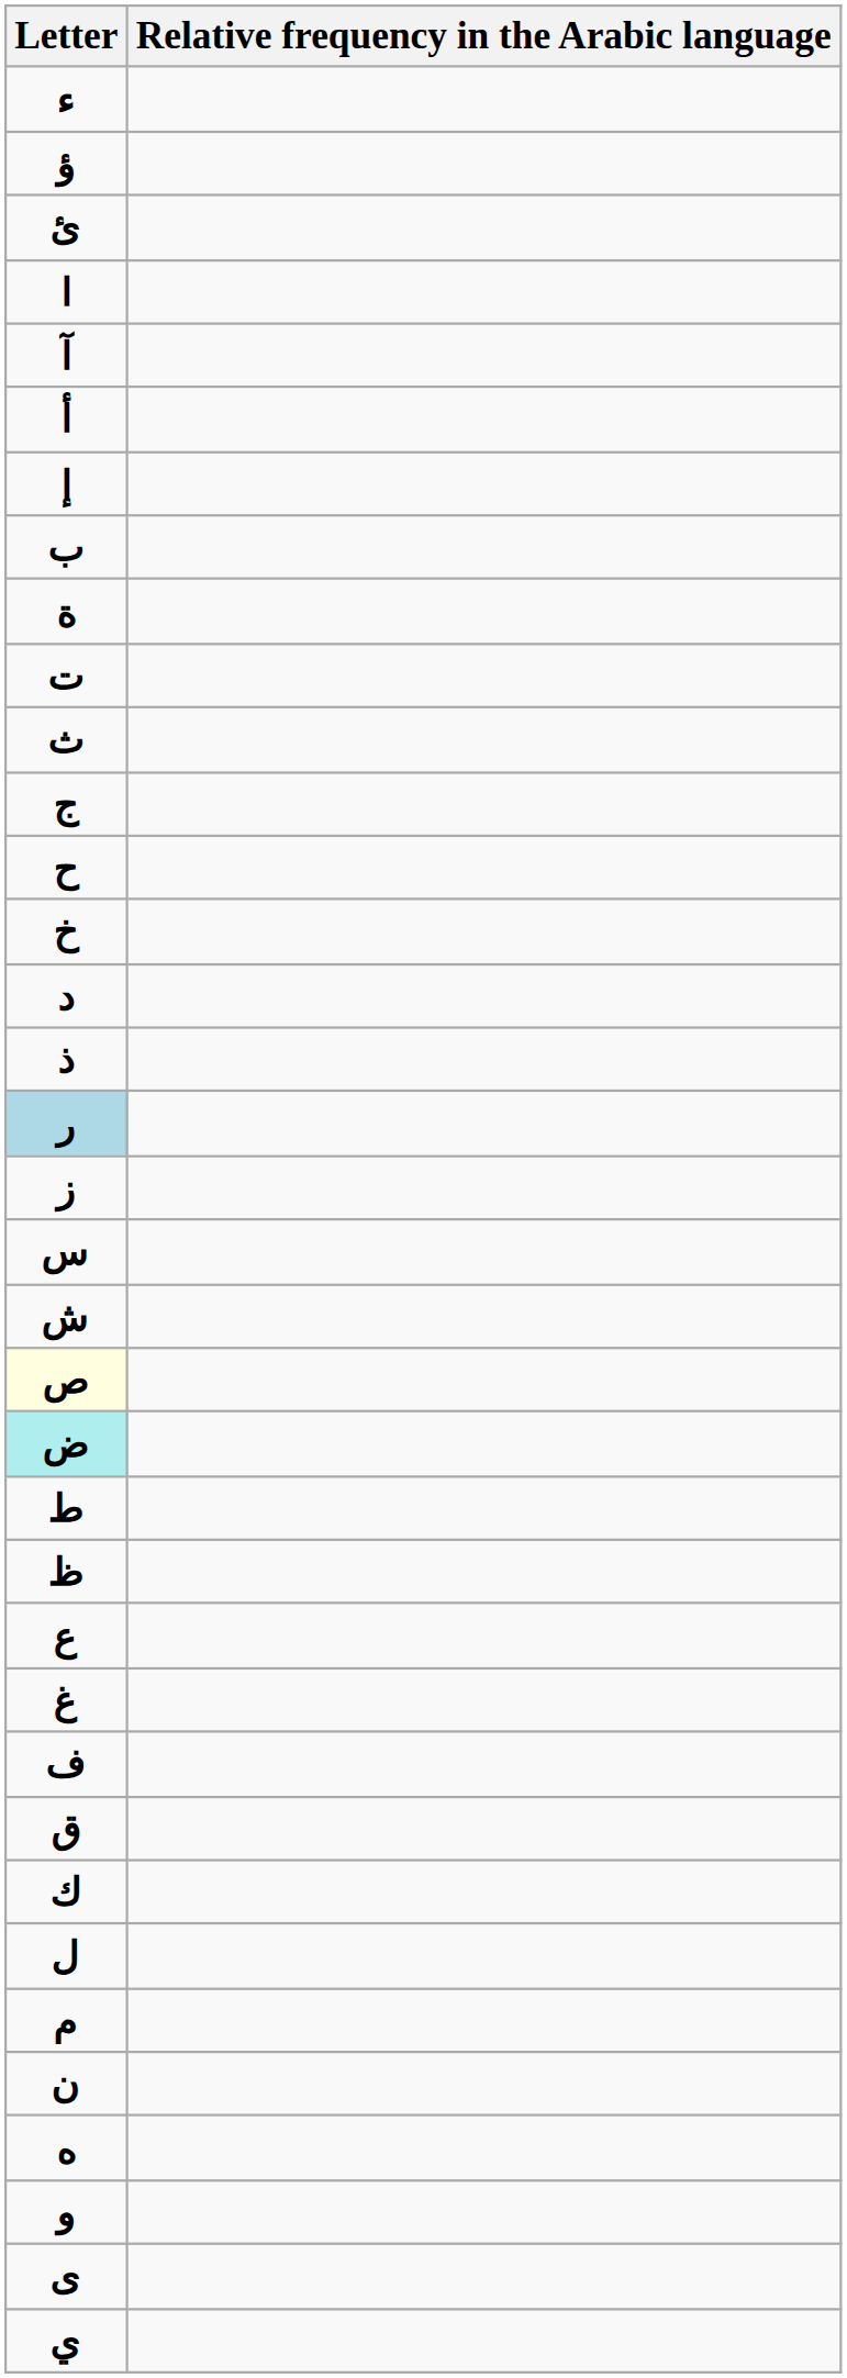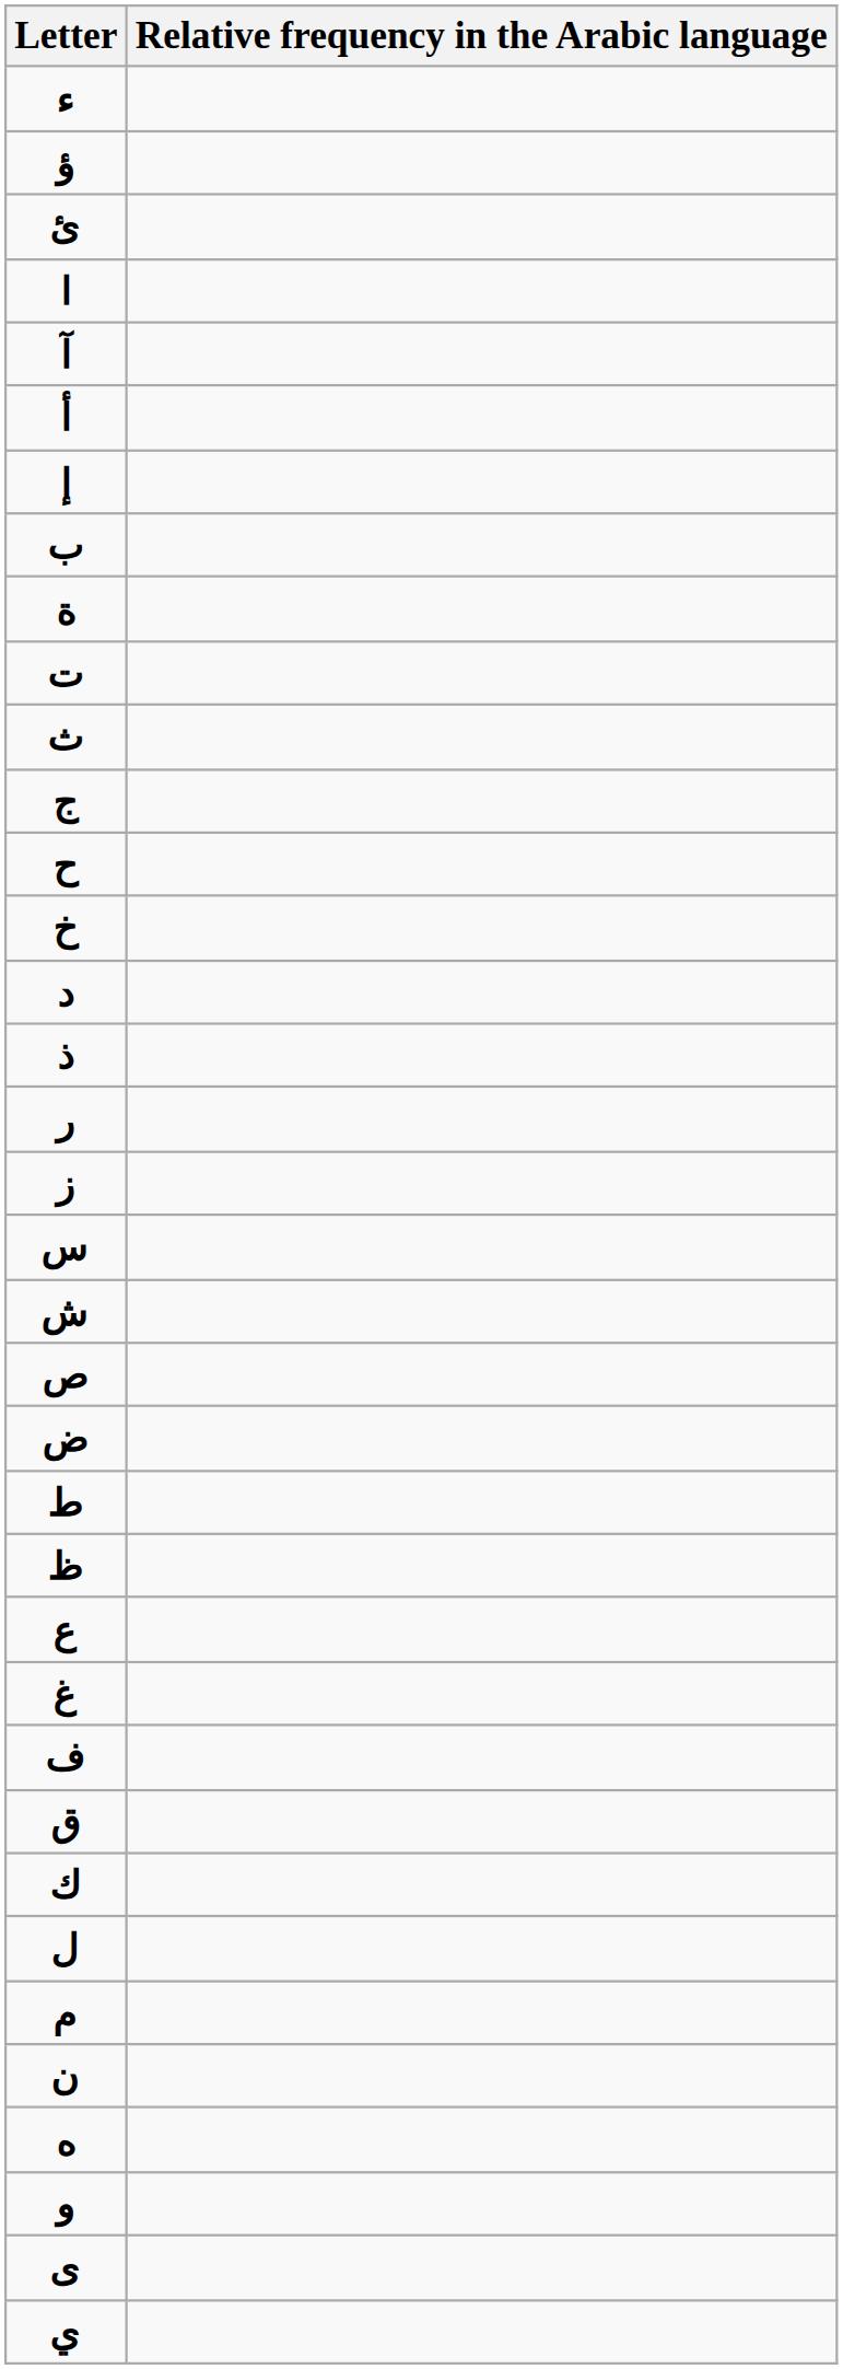 <table class="wikitable sortable">
 <tr>
 <th>Letter</th>
 <th colspan="2">Relative frequency in the Arabic language</th>
 </tr>
 <tr>
 <td align="center"><strong>ء</strong></td>
 <td align="right"></td>
 </tr>
 <tr>
 <td align="center"><strong>ؤ</strong></td>
 <td align="right"></td>
 </tr>
 <tr>
 <td align="center"><strong>ئ</strong></td>
 <td align="right"></td>
 </tr>
 <tr>
 <td align="center"><strong>ا</strong></td>
 <td align="right"></td>
 </tr>
 <tr>
 <td align="center"><strong>آ</strong></td>
 <td align="right"></td>
 </tr>
 <tr>
 <td align="center"><strong>أ</strong></td>
 <td align="right"></td>
 </tr>
 <tr>
 <td align="center"><strong>إ</strong></td>
 <td align="right"></td>
 </tr>
 <tr>
 <td align="center"><strong>ب</strong></td>
 <td align="right"></td>
 </tr>
 <tr>
 <td align="center"><strong>ة</strong></td>
 <td align="right"></td>
 </tr>
 <tr>
 <td align="center"><strong>ت</strong></td>
 <td align="right"></td>
 </tr>
 <tr>
 <td align="center"><strong>ث</strong></td>
 <td align="right"></td>
 </tr>
 <tr>
 <td align="center"><strong>ج</strong></td>
 <td align="right"></td>
 </tr>
 <tr>
 <td align="center"><strong>ح</strong></td>
 <td align="right"></td>
 </tr>
 <tr>
 <td align="center"><strong>خ</strong></td>
 <td align="right"></td>
 </tr>
 <tr>
 <td align="center"><strong>د</strong></td>
 <td align="right"></td>
 </tr>
 <tr>
 <td align="center"><strong>ذ</strong></td>
 <td align="right"></td>
 </tr>
 <tr>
-<td align="center" style="background: lightblue;"><strong>ر</strong></td>
+<td align="center"><strong>ر</strong></td>
 <td align="right"></td>
 </tr>
 <tr>
 <td align="center"><strong>ز</strong></td>
 <td align="right"></td>
 </tr>
 <tr>
 <td align="center"><strong>س</strong></td>
 <td align="right"></td>
 </tr>
 <tr>
 <td align="center"><strong>ش</strong></td>
 <td align="right"></td>
 </tr>
 <tr>
-<td align="center" style="background: lightyellow;"><strong>ص</strong></td>
+<td align="center"><strong>ص</strong></td>
 <td align="right"></td>
 </tr>
 <tr>
-<td align="center" style="background: paleturquoise;"><strong>ض</strong></td>
+<td align="center"><strong>ض</strong></td>
 <td align="right"></td>
 </tr>
 <tr>
 <td align="center"><strong>ط</strong></td>
 <td align="right"></td>
 </tr>
 <tr>
 <td align="center"><strong>ظ</strong></td>
 <td align="right"></td>
 </tr>
 <tr>
 <td align="center"><strong>ع</strong></td>
 <td align="right"></td>
 </tr>
 <tr>
 <td align="center"><strong>غ</strong></td>
 <td align="right"></td>
 </tr>
 <tr>
 <td align="center"><strong>ف</strong></td>
 <td align="right"></td>
 </tr>
 <tr>
 <td align="center"><strong>ق</strong></td>
 <td align="right"></td>
 </tr>
 <tr>
 <td align="center"><strong>ك</strong></td>
 <td align="right"></td>
 </tr>
 <tr>
 <td align="center"><strong>ل</strong></td>
 <td align="right"></td>
 </tr>
 <tr>
 <td align="center"><strong>م</strong></td>
 <td align="right"></td>
 </tr>
 <tr>
 <td align="center"><strong>ن</strong></td>
 <td align="right"></td>
 </tr>
 <tr>
 <td align="center"><strong>ه</strong></td>
 <td align="right"></td>
 </tr>
 <tr>
 <td align="center"><strong>و</strong></td>
 <td align="right"></td>
 </tr>
 <tr>
 <td align="center"><strong>ى</strong></td>
 <td align="right"></td>
 </tr>
 <tr>
 <td align="center"><strong>ي</strong></td>
 <td align="right"></td>
 </tr>
 </table>
